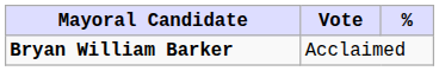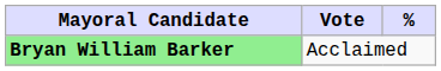 <table class="wikitable">
 <tr>
 <th style="background:#ddf; width:200px;">Mayoral Candidate</th>
 <th style="background:#ddf; width:50px;">Vote</th>
 <th style="background:#ddf; width:30px;">%</th>
 </tr>
 <tr>
-<td><strong>Bryan William Barker</strong></td>
+<td style="background: lightgreen;"><strong>Bryan William Barker</strong></td>
 <td colspan="2">Acclaimed</td>
 </tr>
 </table>
